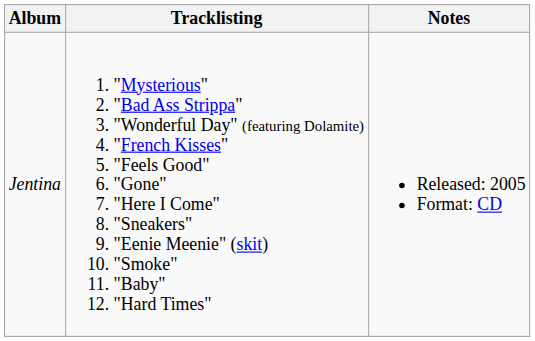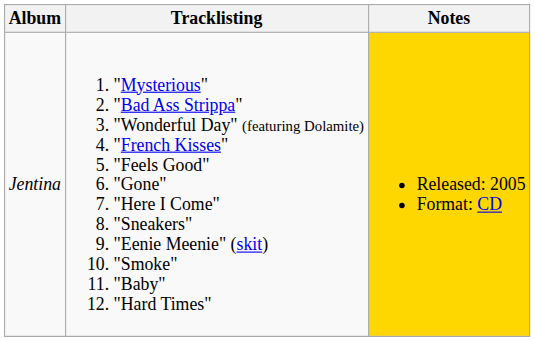 <table class="wikitable">
 <tr>
 <th>Album</th>
 <th>Tracklisting</th>
 <th>Notes</th>
 </tr>
 <tr>
 <td><em>Jentina</em></td>
 <td><br><ol><li>"<a href='#'>Mysterious</a>"</li><li>"<a href='#'>Bad Ass Strippa</a>"</li><li>"Wonderful Day" <small>(featuring Dolamite)</small></li><li>"<a href='#'>French Kisses</a>"</li><li>"Feels Good"</li><li>"Gone"</li><li>"Here I Come"</li><li>"Sneakers"</li><li>"Eenie Meenie" (<a href='#'>skit</a>)</li><li>"Smoke"</li><li>"Baby"</li><li>"Hard Times"</li></ol></td>
-<td><br><ul><li>Released: 2005</li><li>Format: <a href='#'>CD</a></li></ul></td>
+<td style="background: gold;"><br><ul><li>Released: 2005</li><li>Format: <a href='#'>CD</a></li></ul></td>
 </tr>
 <tr>
 </tr>
 </table>
